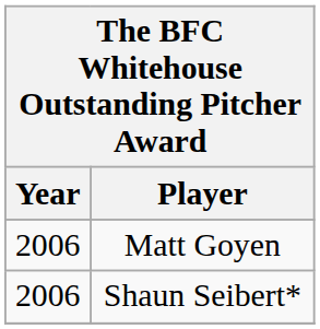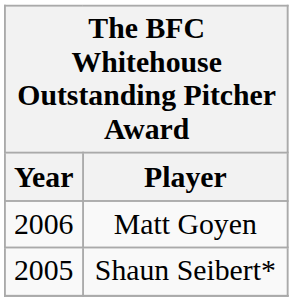 <table class="wikitable" style="display: inline-table; margin-right: 20px; text-align:center">
 <tr>
 <th scope="col" colspan="2" style="width: 145px;">The BFC Whitehouse Outstanding Pitcher Award</th>
 </tr>
 <tr>
 <th scope="col">Year</th>
 <th scope="col">Player</th>
 </tr>
 <tr>
 <td>2006</td>
 <td>Matt Goyen</td>
 </tr>
 <tr>
-<td>2006</td>
+<td>2005</td>
 <td>Shaun Seibert*</td>
 </tr>
 <tr>
 </tr>
 </table>
